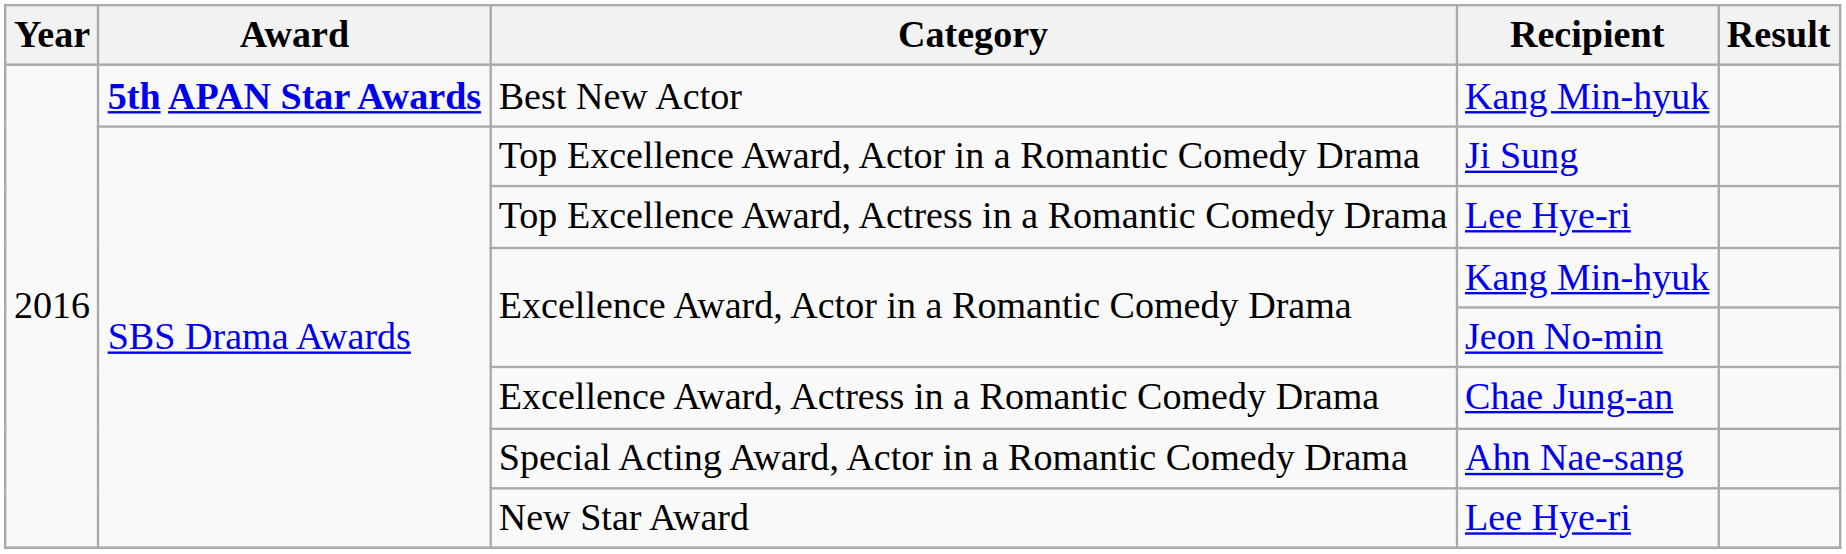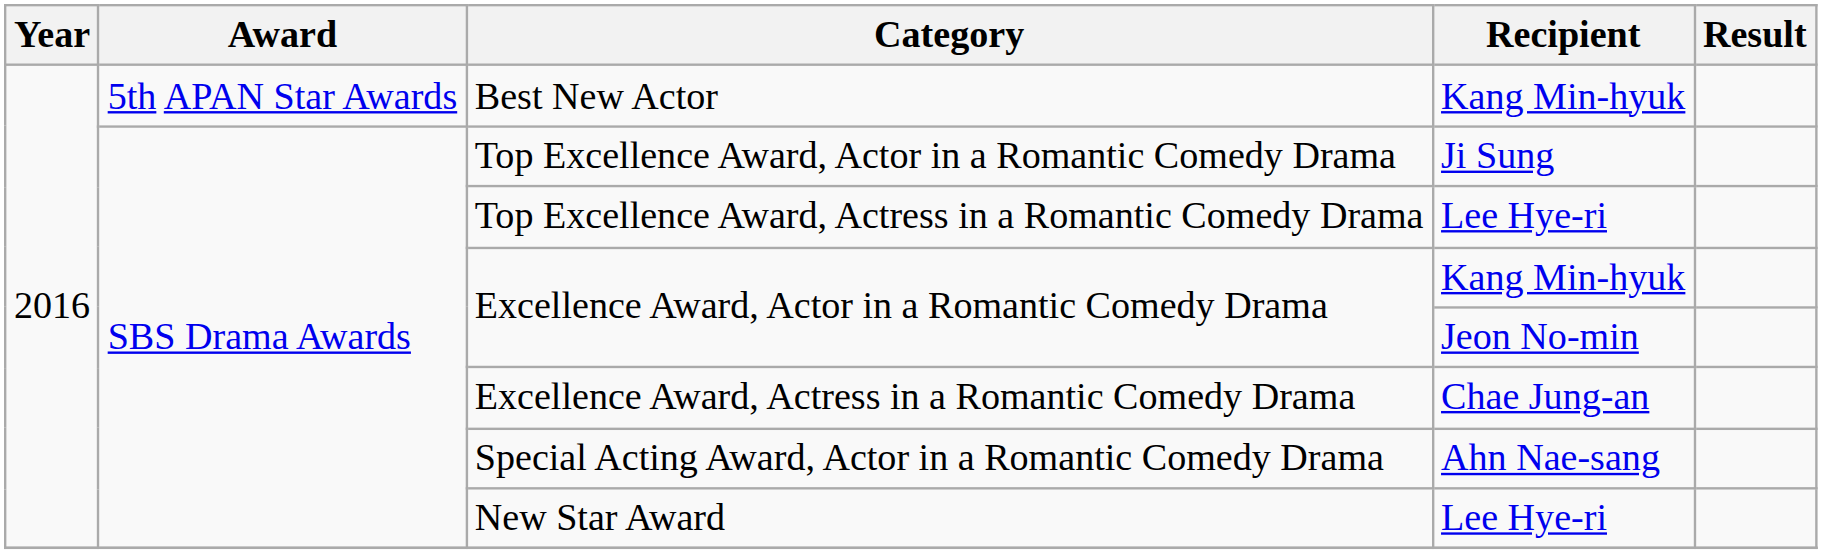 <table class="wikitable">
 <tr>
 <th>Year</th>
 <th>Award</th>
 <th>Category</th>
 <th>Recipient</th>
 <th>Result</th>
 </tr>
 <tr>
 <td rowspan="8">2016</td>
-<td><strong><a href='#'>5th</a> <a href='#'>APAN Star Awards</a></strong></td>
+<td><a href='#'>5th</a> <a href='#'>APAN Star Awards</a></td>
 <td>Best New Actor</td>
 <td><a href='#'>Kang Min-hyuk</a></td>
 <td></td>
 </tr>
 <tr>
 <td rowspan="7"><a href='#'>SBS Drama Awards</a></td>
 <td>Top Excellence Award, Actor in a Romantic Comedy Drama</td>
 <td><a href='#'>Ji Sung</a></td>
 <td></td>
 </tr>
 <tr>
 <td>Top Excellence Award, Actress in a Romantic Comedy Drama</td>
 <td><a href='#'>Lee Hye-ri</a></td>
 <td></td>
 </tr>
 <tr>
 <td rowspan="2">Excellence Award, Actor in a Romantic Comedy Drama</td>
 <td><a href='#'>Kang Min-hyuk</a></td>
 <td></td>
 </tr>
 <tr>
 <td><a href='#'>Jeon No-min</a></td>
 <td></td>
 </tr>
 <tr>
 <td>Excellence Award, Actress in a Romantic Comedy Drama</td>
 <td><a href='#'>Chae Jung-an</a></td>
 <td></td>
 </tr>
 <tr>
 <td>Special Acting Award, Actor in a Romantic Comedy Drama</td>
 <td><a href='#'>Ahn Nae-sang</a></td>
 <td></td>
 </tr>
 <tr>
 <td>New Star Award</td>
 <td><a href='#'>Lee Hye-ri</a></td>
 <td></td>
 </tr>
 <tr>
 </tr>
 </table>
